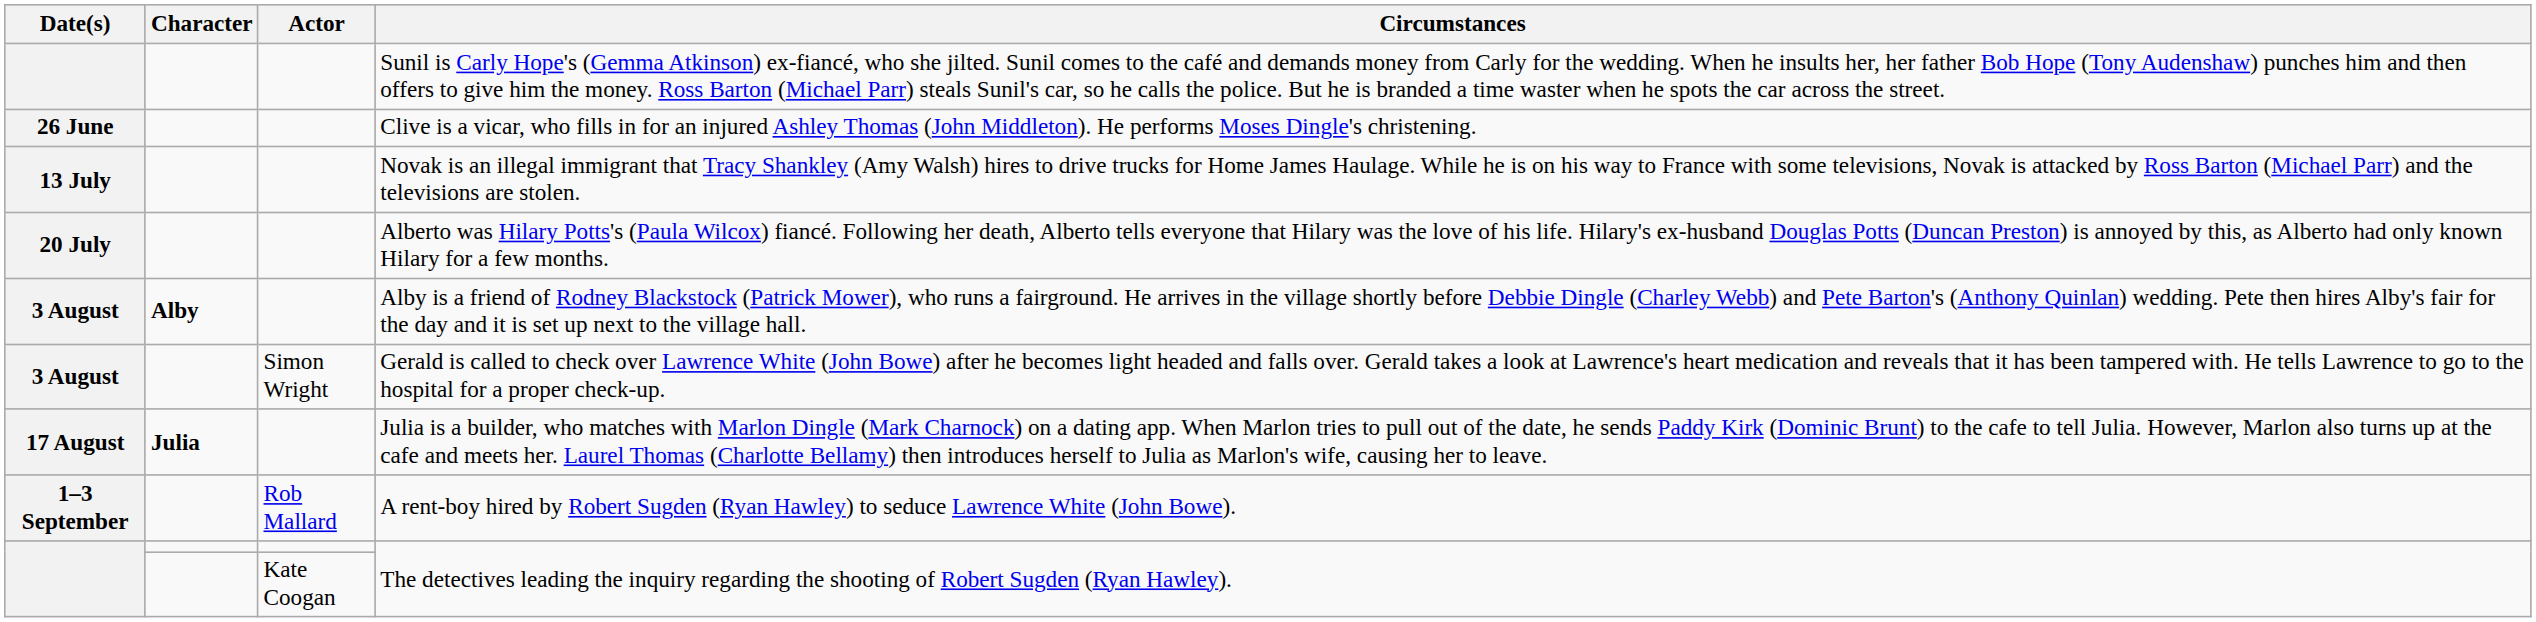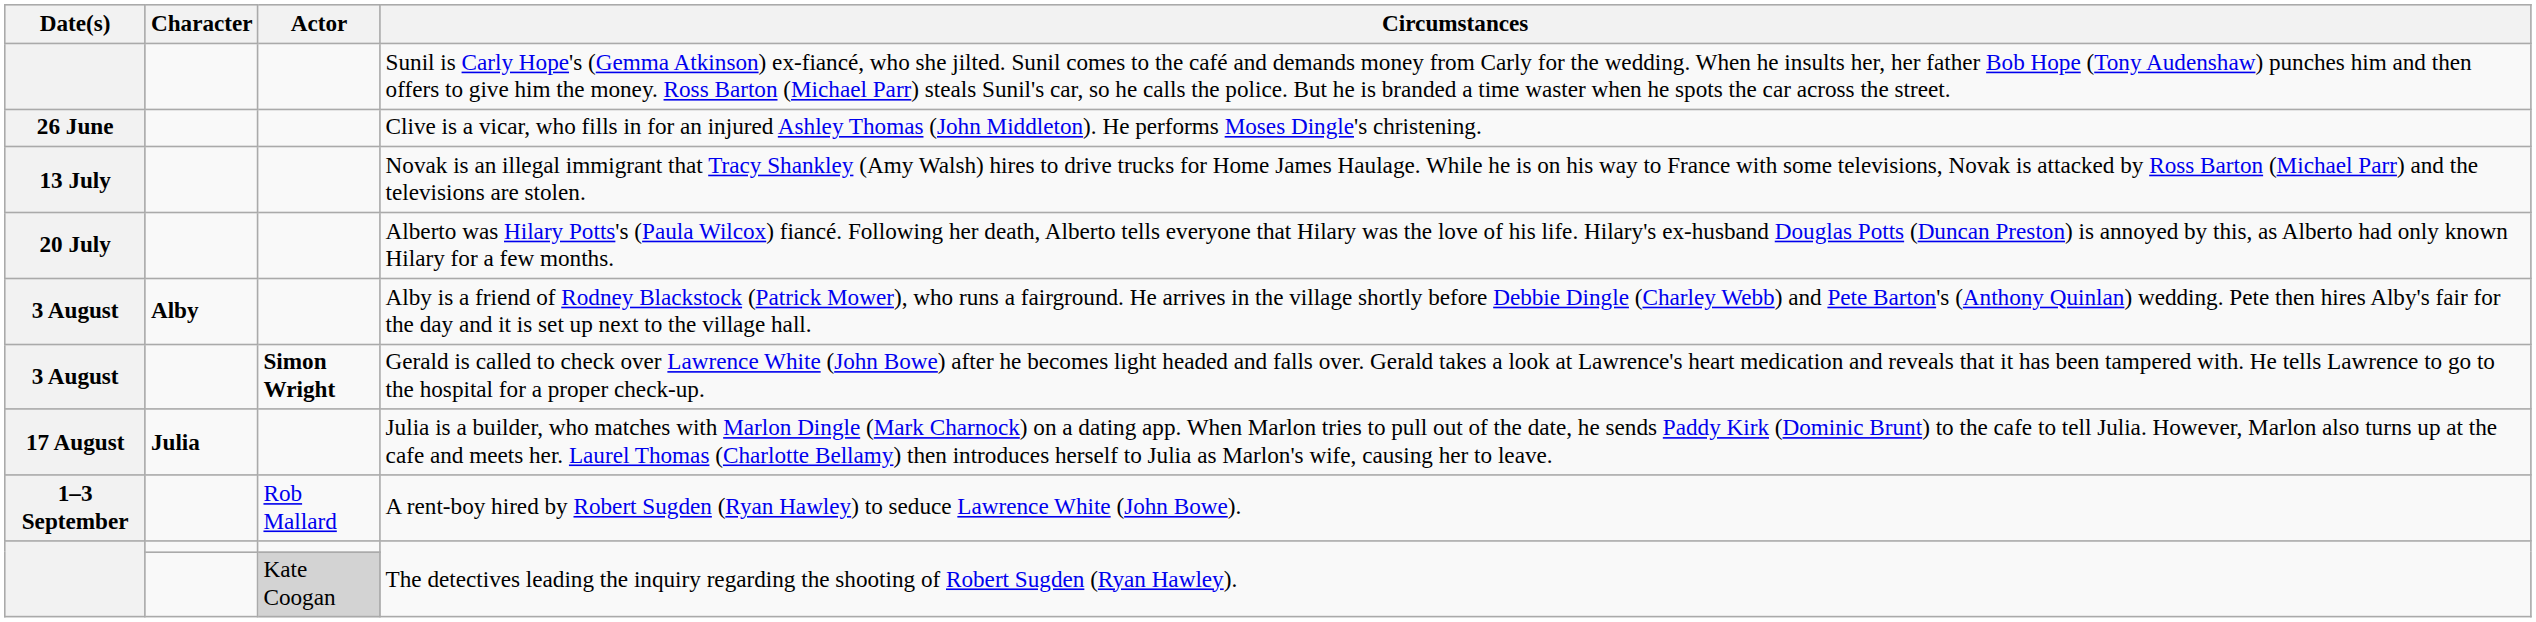 <table class="wikitable plainrowheaders" style="font-size:90%">
 <tr>
 <th scope="col">Date(s)</th>
 <th scope="col">Character</th>
 <th scope="col">Actor</th>
 <th scope="col">Circumstances</th>
 </tr>
 <tr>
 <th scope="row"></th>
 <td></td>
 <td></td>
 <td>Sunil is <a href='#'>Carly Hope</a>'s (<a href='#'>Gemma Atkinson</a>) ex-fiancé, who she jilted. Sunil comes to the café and demands money from Carly for the wedding. When he insults her, her father <a href='#'>Bob Hope</a> (<a href='#'>Tony Audenshaw</a>) punches him and then offers to give him the money. <a href='#'>Ross Barton</a> (<a href='#'>Michael Parr</a>) steals Sunil's car, so he calls the police. But he is branded a time waster when he spots the car across the street.</td>
 </tr>
 <tr>
 <th scope="row">26 June</th>
 <td></td>
 <td></td>
 <td>Clive is a vicar, who fills in for an injured <a href='#'>Ashley Thomas</a> (<a href='#'>John Middleton</a>). He performs <a href='#'>Moses Dingle</a>'s christening.</td>
 </tr>
 <tr>
 <th scope="row">13 July</th>
 <td></td>
 <td></td>
 <td>Novak is an illegal immigrant that <a href='#'>Tracy Shankley</a> (Amy Walsh) hires to drive trucks for Home James Haulage. While he is on his way to France with some televisions, Novak is attacked by <a href='#'>Ross Barton</a> (<a href='#'>Michael Parr</a>) and the televisions are stolen.</td>
 </tr>
 <tr>
 <th scope="row">20 July</th>
 <td></td>
 <td></td>
 <td>Alberto was <a href='#'>Hilary Potts</a>'s (<a href='#'>Paula Wilcox</a>) fiancé. Following her death, Alberto tells everyone that Hilary was the love of his life. Hilary's ex-husband <a href='#'>Douglas Potts</a> (<a href='#'>Duncan Preston</a>) is annoyed by this, as Alberto had only known Hilary for a few months.</td>
 </tr>
 <tr>
 <th scope="row">3 August</th>
 <td><strong>Alby</strong></td>
 <td></td>
 <td>Alby is a friend of <a href='#'>Rodney Blackstock</a> (<a href='#'>Patrick Mower</a>), who runs a fairground. He arrives in the village shortly before <a href='#'>Debbie Dingle</a> (<a href='#'>Charley Webb</a>) and <a href='#'>Pete Barton</a>'s (<a href='#'>Anthony Quinlan</a>) wedding. Pete then hires Alby's fair for the day and it is set up next to the village hall.</td>
 </tr>
 <tr>
 <th scope="row">3 August</th>
 <td></td>
-<td>Simon Wright</td>
+<td><strong>Simon Wright</strong></td>
 <td>Gerald is called to check over <a href='#'>Lawrence White</a> (<a href='#'>John Bowe</a>) after he becomes light headed and falls over. Gerald takes a look at Lawrence's heart medication and reveals that it has been tampered with. He tells Lawrence to go to the hospital for a proper check-up.</td>
 </tr>
 <tr>
 <th scope="row">17 August</th>
 <td><strong>Julia</strong></td>
 <td></td>
 <td>Julia is a builder, who matches with <a href='#'>Marlon Dingle</a> (<a href='#'>Mark Charnock</a>) on a dating app. When Marlon tries to pull out of the date, he sends <a href='#'>Paddy Kirk</a> (<a href='#'>Dominic Brunt</a>) to the cafe to tell Julia. However, Marlon also turns up at the cafe and meets her. <a href='#'>Laurel Thomas</a> (<a href='#'>Charlotte Bellamy</a>) then introduces herself to Julia as Marlon's wife, causing her to leave.</td>
 </tr>
 <tr>
 <th scope="row">1–3 September</th>
 <td></td>
 <td><a href='#'>Rob Mallard</a></td>
 <td>A rent-boy hired by <a href='#'>Robert Sugden</a> (<a href='#'>Ryan Hawley</a>) to seduce <a href='#'>Lawrence White</a> (<a href='#'>John Bowe</a>).</td>
 </tr>
 <tr>
 <th scope="row" rowspan="2"></th>
 <td> </td>
 <td></td>
 <td rowspan="2">The detectives leading the inquiry regarding the shooting of <a href='#'>Robert Sugden</a> (<a href='#'>Ryan Hawley</a>).</td>
 </tr>
 <tr>
 <td> </td>
-<td>Kate Coogan</td>
+<td style="background: lightgrey;">Kate Coogan</td>
 </tr>
 </table>
